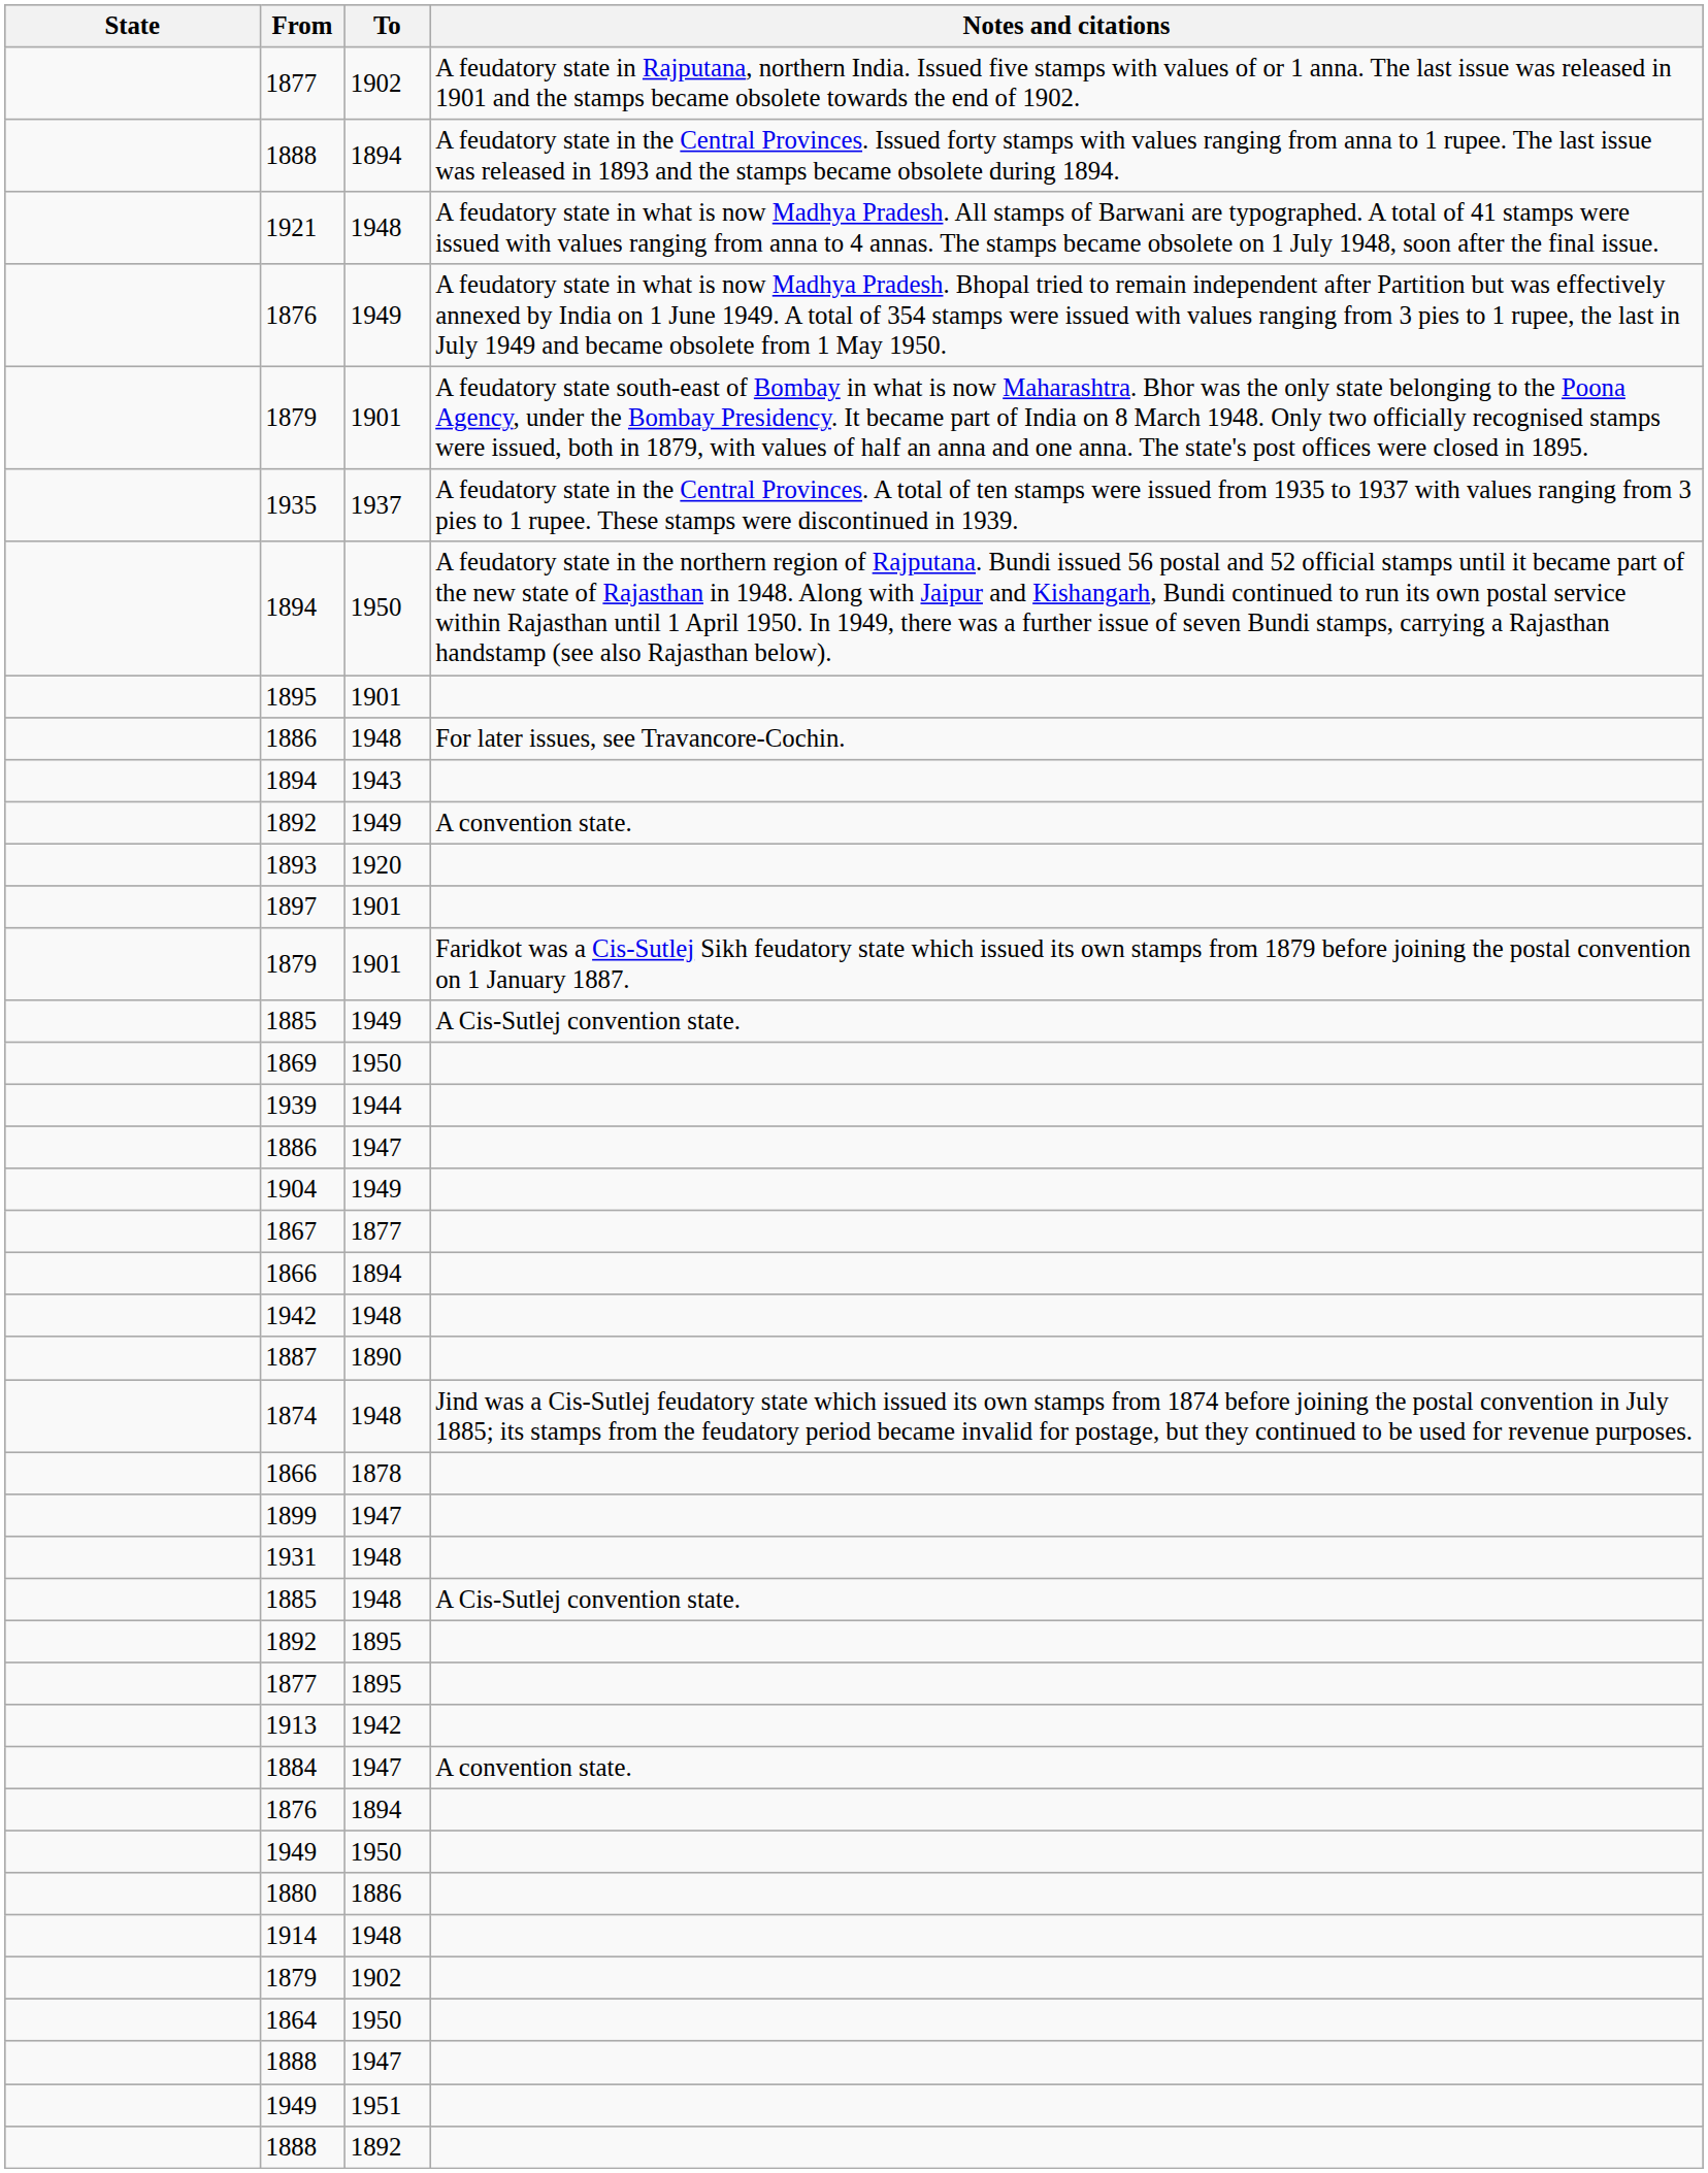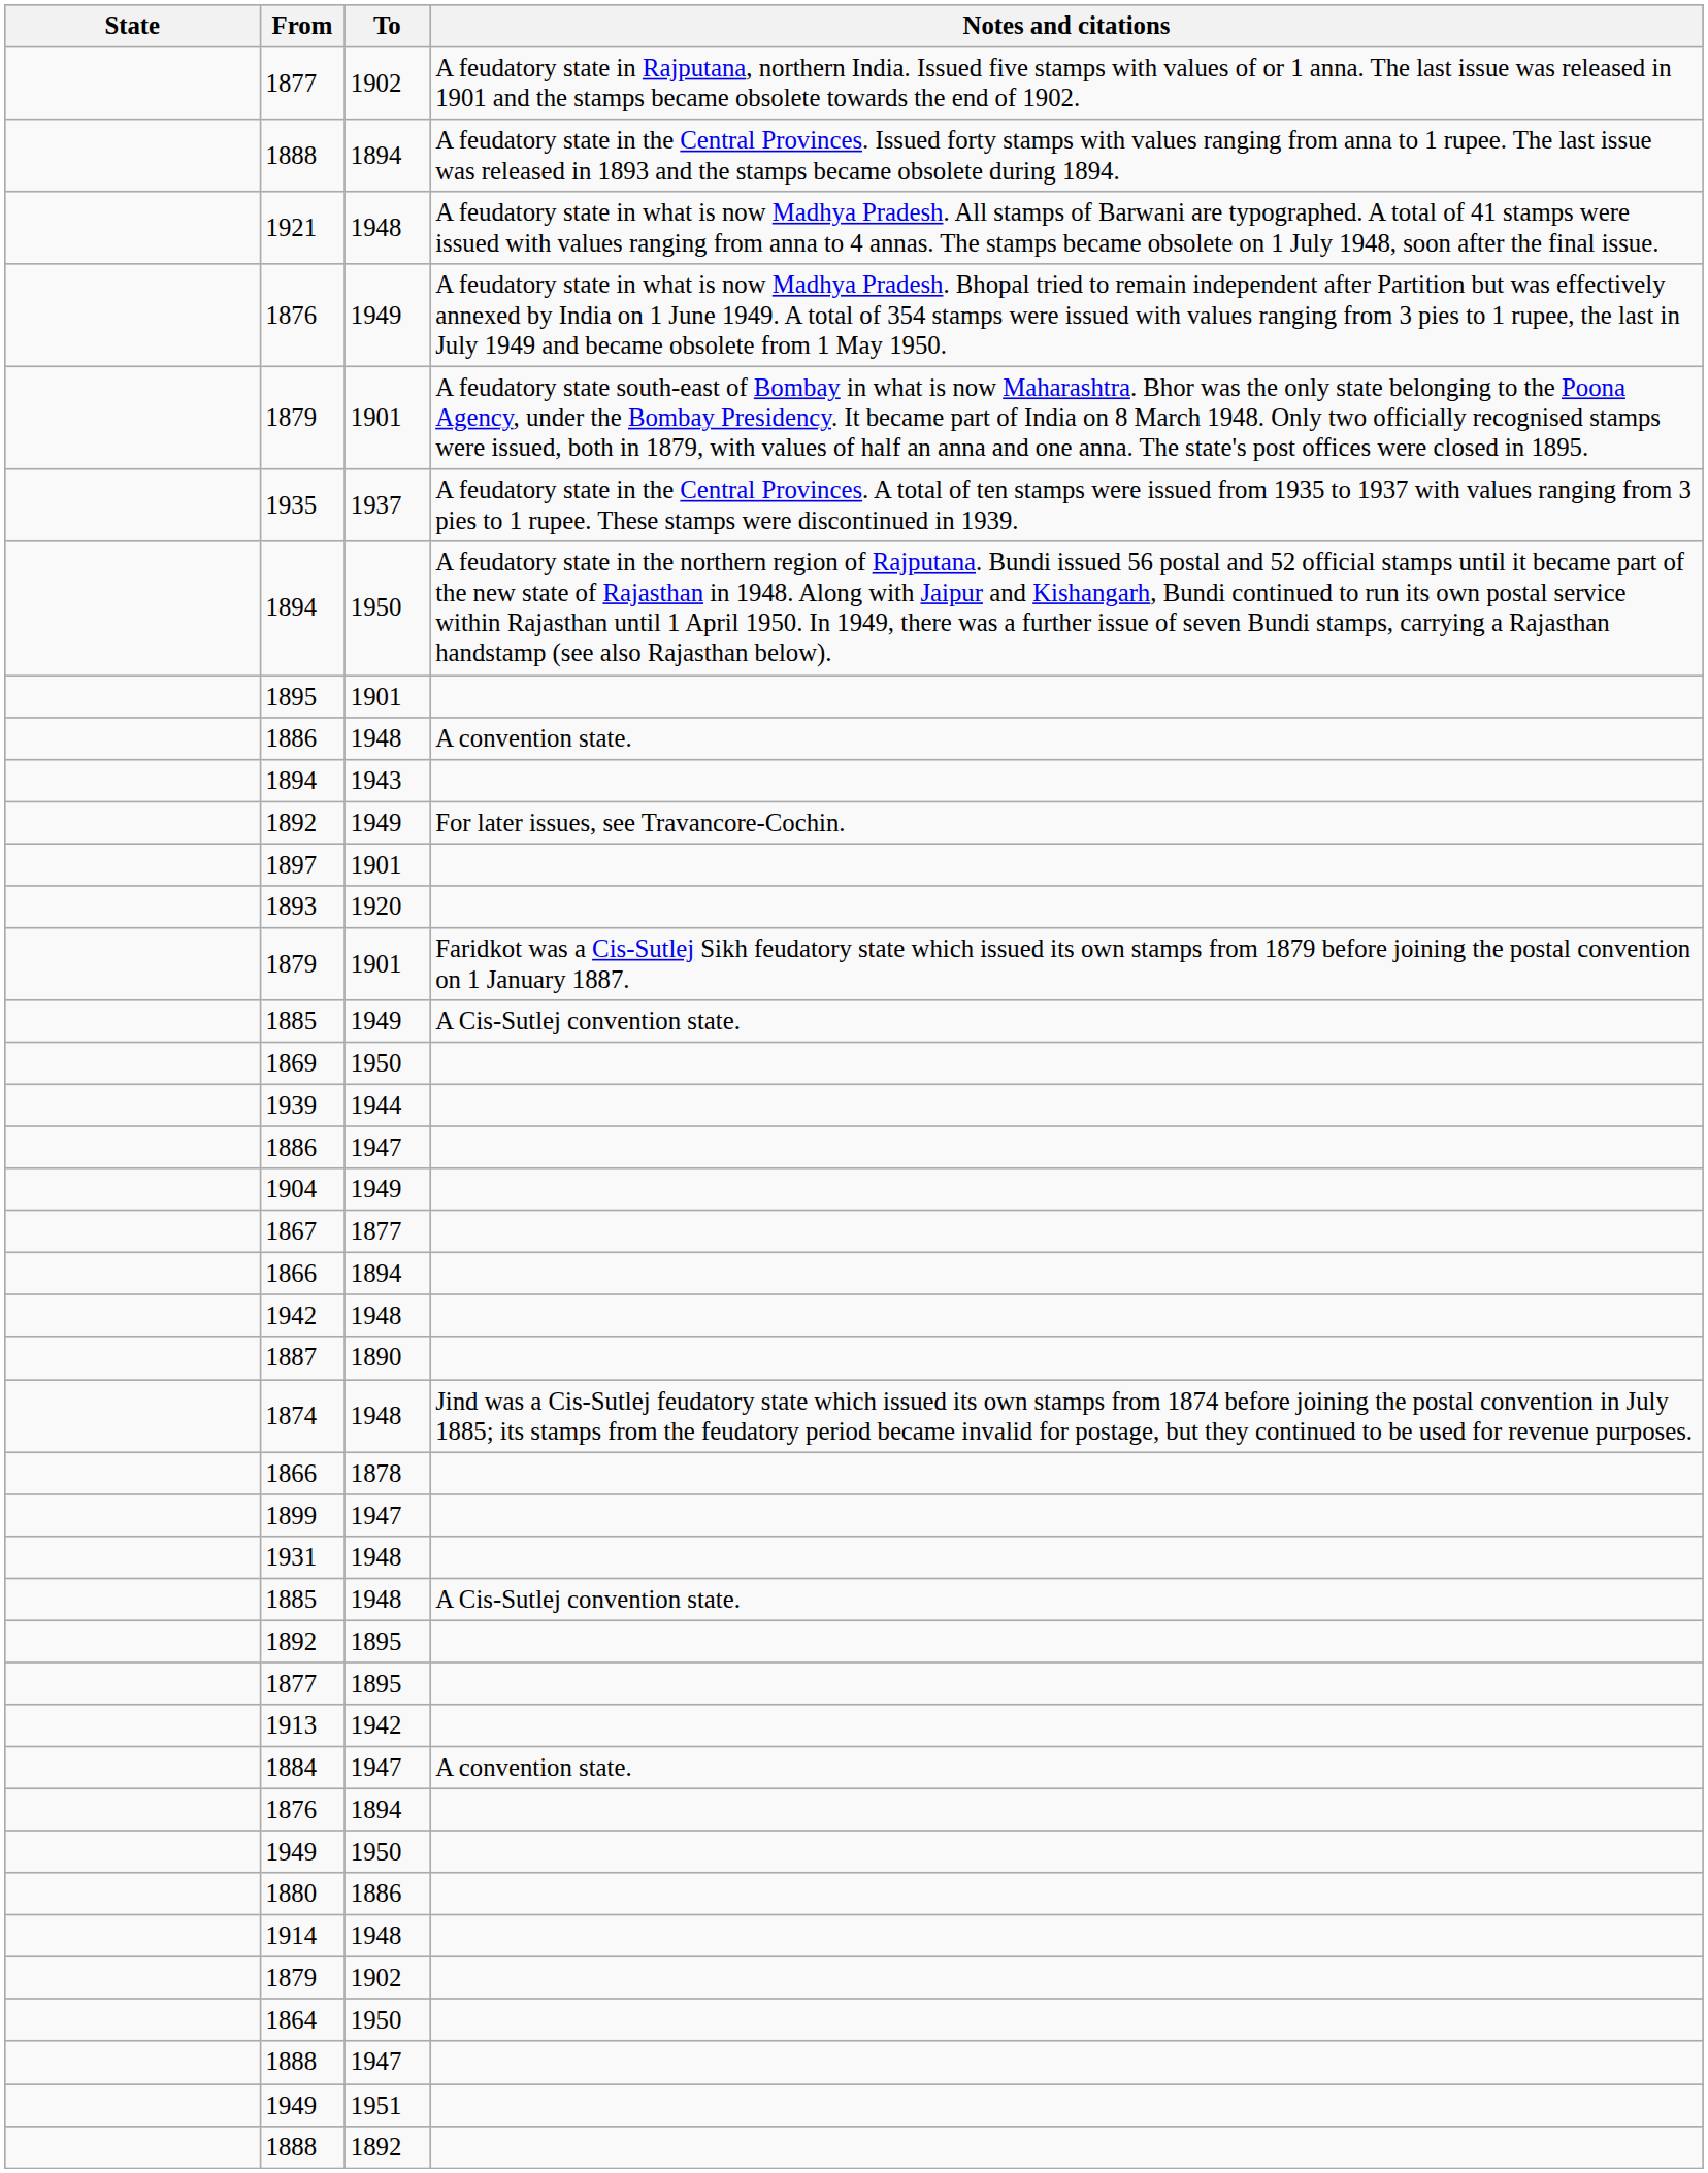 <table class="wikitable sortable" style="font-size:95%; width:80%;">
 <tr>
 <th scope="col" width="15%">State</th>
 <th scope="col" width="5%">From</th>
 <th scope="col" width="5%">To</th>
 <th scope="col" width="75%">Notes and citations</th>
 </tr>
 <tr>
 <td></td>
 <td>1877</td>
 <td>1902</td>
 <td>A feudatory state in <a href='#'>Rajputana</a>, northern India. Issued five stamps with values of  or 1 anna. The last issue was released in 1901 and the stamps became obsolete towards the end of 1902.</td>
 </tr>
 <tr>
 <td></td>
 <td>1888</td>
 <td>1894</td>
 <td>A feudatory state in the <a href='#'>Central Provinces</a>. Issued forty stamps with values ranging from  anna to 1 rupee. The last issue was released in 1893 and the stamps became obsolete during 1894.</td>
 </tr>
 <tr>
 <td></td>
 <td>1921</td>
 <td>1948</td>
 <td>A feudatory state in what is now <a href='#'>Madhya Pradesh</a>. All stamps of Barwani are typographed. A total of 41 stamps were issued with values ranging from  anna to 4 annas. The stamps became obsolete on 1 July 1948, soon after the final issue.</td>
 </tr>
 <tr>
 <td></td>
 <td>1876</td>
 <td>1949</td>
 <td>A feudatory state in what is now <a href='#'>Madhya Pradesh</a>. Bhopal tried to remain independent after Partition but was effectively annexed by India on 1 June 1949. A total of 354 stamps were issued with values ranging from 3 pies to 1 rupee, the last in July 1949 and became obsolete from 1 May 1950.</td>
 </tr>
 <tr>
 <td></td>
 <td>1879</td>
 <td>1901</td>
 <td>A feudatory state south-east of <a href='#'>Bombay</a> in what is now <a href='#'>Maharashtra</a>. Bhor was the only state belonging to the <a href='#'>Poona Agency</a>, under the <a href='#'>Bombay Presidency</a>. It became part of India on 8 March 1948. Only two officially recognised stamps were issued, both in 1879, with values of half an anna and one anna. The state's post offices were closed in 1895.</td>
 </tr>
 <tr>
 <td></td>
 <td>1935</td>
 <td>1937</td>
 <td>A feudatory state in the <a href='#'>Central Provinces</a>. A total of ten stamps were issued from 1935 to 1937 with values ranging from 3 pies to 1 rupee. These stamps were discontinued in 1939.</td>
 </tr>
 <tr>
 <td></td>
 <td>1894</td>
 <td>1950</td>
 <td>A feudatory state in the northern region of <a href='#'>Rajputana</a>. Bundi issued 56 postal and 52 official stamps until it became part of the new state of <a href='#'>Rajasthan</a> in 1948. Along with <a href='#'>Jaipur</a> and <a href='#'>Kishangarh</a>, Bundi continued to run its own postal service within Rajasthan until 1 April 1950. In 1949, there was a further issue of seven Bundi stamps, carrying a Rajasthan handstamp (see also Rajasthan below).</td>
 </tr>
 <tr>
 <td></td>
 <td>1895</td>
 <td>1901</td>
 <td></td>
 </tr>
 <tr>
 <td></td>
 <td>1886</td>
 <td>1948</td>
-<td>For later issues, see Travancore-Cochin.</td>
+<td>A convention state.</td>
 </tr>
 <tr>
 <td></td>
 <td>1894</td>
 <td>1943</td>
 <td></td>
 </tr>
 <tr>
 <td></td>
 <td>1892</td>
 <td>1949</td>
-<td>A convention state.</td>
+<td>For later issues, see Travancore-Cochin.</td>
+</tr>
+<tr>
+<td></td>
+<td>1897</td>
+<td>1901</td>
+<td></td>
 </tr>
 <tr>
 <td></td>
 <td>1893</td>
 <td>1920</td>
-<td></td>
-</tr>
-<tr>
-<td></td>
-<td>1897</td>
-<td>1901</td>
 <td></td>
 </tr>
 <tr>
 <td></td>
 <td>1879</td>
 <td>1901</td>
 <td>Faridkot was a <a href='#'>Cis-Sutlej</a> Sikh feudatory state which issued its own stamps from 1879 before joining the postal convention on 1 January 1887.</td>
 </tr>
 <tr>
 <td></td>
 <td>1885</td>
 <td>1949</td>
 <td>A Cis-Sutlej convention state.</td>
 </tr>
 <tr>
 <td></td>
 <td>1869</td>
 <td>1950</td>
 <td></td>
 </tr>
 <tr>
 <td></td>
 <td>1939</td>
 <td>1944</td>
 <td></td>
 </tr>
 <tr>
 <td></td>
 <td>1886</td>
 <td>1947</td>
 <td></td>
 </tr>
 <tr>
 <td></td>
 <td>1904</td>
 <td>1949</td>
 <td></td>
 </tr>
 <tr>
 <td></td>
 <td>1867</td>
 <td>1877</td>
 <td></td>
 </tr>
 <tr>
 <td></td>
 <td>1866</td>
 <td>1894</td>
 <td></td>
 </tr>
 <tr>
 <td></td>
 <td>1942</td>
 <td>1948</td>
 <td></td>
 </tr>
 <tr>
 <td></td>
 <td>1887</td>
 <td>1890</td>
 <td></td>
 </tr>
 <tr>
 <td></td>
 <td>1874</td>
 <td>1948</td>
 <td>Jind was a Cis-Sutlej feudatory state which issued its own stamps from 1874 before joining the postal convention in July 1885; its stamps from the feudatory period became invalid for postage, but they continued to be used for revenue purposes.</td>
 </tr>
 <tr>
 <td></td>
 <td>1866</td>
 <td>1878</td>
 <td></td>
 </tr>
 <tr>
 <td></td>
 <td>1899</td>
 <td>1947</td>
 <td></td>
 </tr>
 <tr>
 <td></td>
 <td>1931</td>
 <td>1948</td>
 <td></td>
 </tr>
 <tr>
 <td></td>
 <td>1885</td>
 <td>1948</td>
 <td>A Cis-Sutlej convention state.</td>
 </tr>
 <tr>
 <td></td>
 <td>1892</td>
 <td>1895</td>
 <td></td>
 </tr>
 <tr>
 <td></td>
 <td>1877</td>
 <td>1895</td>
 <td></td>
 </tr>
 <tr>
 <td></td>
 <td>1913</td>
 <td>1942</td>
 <td></td>
 </tr>
 <tr>
 <td></td>
 <td>1884</td>
 <td>1947</td>
 <td>A convention state.</td>
 </tr>
 <tr>
 <td></td>
 <td>1876</td>
 <td>1894</td>
 <td></td>
 </tr>
 <tr>
 <td></td>
 <td>1949</td>
 <td>1950</td>
 <td></td>
 </tr>
 <tr>
 <td></td>
 <td>1880</td>
 <td>1886</td>
 <td></td>
 </tr>
 <tr>
 <td></td>
 <td>1914</td>
 <td>1948</td>
 <td></td>
 </tr>
 <tr>
 <td></td>
 <td>1879</td>
 <td>1902</td>
 <td></td>
 </tr>
 <tr>
 <td></td>
 <td>1864</td>
 <td>1950</td>
 <td></td>
 </tr>
 <tr>
 <td></td>
 <td>1888</td>
 <td>1947</td>
 <td></td>
 </tr>
 <tr>
 <td></td>
 <td>1949</td>
 <td>1951</td>
 <td></td>
 </tr>
 <tr>
 <td></td>
 <td>1888</td>
 <td>1892</td>
 <td></td>
 </tr>
 <tr>
 </tr>
 </table>
